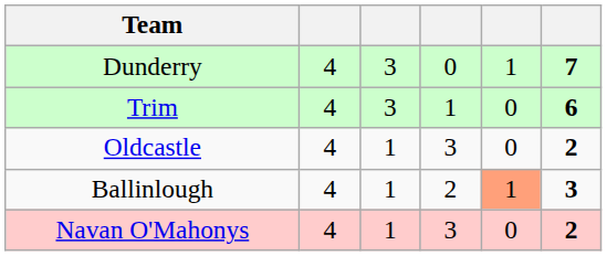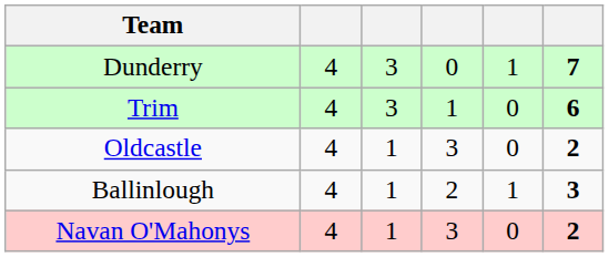 <table class="wikitable" style="text-align:center">
 <tr>
 <th width="175">Team</th>
 <th width="30"></th>
 <th width="30"></th>
 <th width="30"></th>
 <th width="30"></th>
 <th width="30"></th>
 </tr>
 <tr style="background:#cfc;">
 <td>Dunderry</td>
 <td>4</td>
 <td>3</td>
 <td>0</td>
 <td>1</td>
 <td><strong>7</strong></td>
 </tr>
 <tr style="background:#cfc;">
 <td><a href='#'>Trim</a></td>
 <td>4</td>
 <td>3</td>
 <td>1</td>
 <td>0</td>
 <td><strong>6</strong></td>
 </tr>
 <tr>
 <td><a href='#'>Oldcastle</a></td>
 <td>4</td>
 <td>1</td>
 <td>3</td>
 <td>0</td>
 <td><strong>2</strong></td>
 </tr>
 <tr>
 <td>Ballinlough</td>
 <td>4</td>
 <td>1</td>
 <td>2</td>
-<td style="background: lightsalmon;">1</td>
+<td>1</td>
 <td><strong>3</strong></td>
 </tr>
 <tr style="background:#fcc;">
 <td><a href='#'>Navan O'Mahonys</a></td>
 <td>4</td>
 <td>1</td>
 <td>3</td>
 <td>0</td>
 <td><strong>2</strong></td>
 </tr>
 </table>
